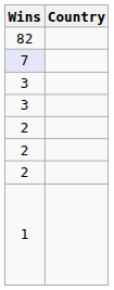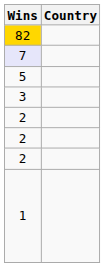 <table class="wikitable">
 <tr>
 <th>Wins</th>
 <th>Country</th>
 </tr>
 <tr>
-<td align=center>82</td>
+<td align=center style="background: gold;">82</td>
 <td></td>
 </tr>
 <tr>
 <td align=center style="background: lavender;">7</td>
 <td></td>
 </tr>
 <tr>
-<td align=center>3</td>
+<td align=center>5</td>
 <td></td>
 </tr>
 <tr>
 <td align=center>3</td>
 <td></td>
 </tr>
 <tr>
 <td align=center>2</td>
 <td></td>
 </tr>
 <tr>
 <td align=center>2</td>
 <td></td>
 </tr>
 <tr>
 <td align=center>2</td>
 <td></td>
 </tr>
 <tr>
 <td align=center>1</td>
 <td><br><br><br><br><br><br></td>
 </tr>
 <tr>
 </tr>
 </table>
